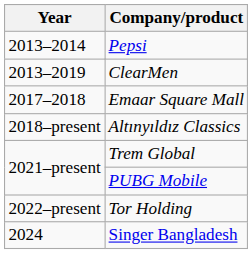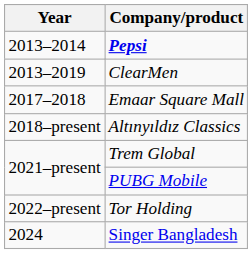 <table class="wikitable">
 <tr>
 <th>Year</th>
 <th>Company/product</th>
 </tr>
 <tr>
 <td rowspan="2">2013–2014</td>
-<td><em><a href='#'>Pepsi</a></em></td>
+<td><strong><em><a href='#'>Pepsi</a></em></strong></td>
 </tr>
 <tr>
 <td rowspan="2"><em>ClearMen</em></td>
 </tr>
 <tr>
 <td>2013–2019</td>
 </tr>
 <tr>
 <td>2017–2018</td>
 <td><em>Emaar Square Mall</em></td>
 </tr>
 <tr>
 <td>2018–present</td>
 <td><em>Altınyıldız Classics</em></td>
 </tr>
 <tr>
 <td rowspan="2">2021–present</td>
 <td><em>Trem Global</em></td>
 </tr>
 <tr>
 <td><em><a href='#'>PUBG Mobile</a></em></td>
 </tr>
 <tr>
 <td>2022–present</td>
 <td><em>Tor Holding</em></td>
 </tr>
 <tr>
 <td>2024</td>
 <td><a href='#'>Singer Bangladesh</a></td>
 </tr>
 </table>
